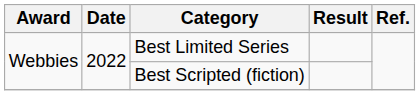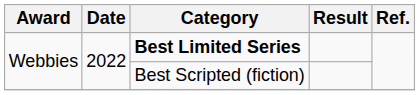 <table class="wikitable sortable">
 <tr>
 <th>Award</th>
 <th>Date</th>
 <th>Category</th>
 <th>Result</th>
 <th>Ref.</th>
 </tr>
 <tr>
 <td rowspan="2">Webbies</td>
 <td rowspan="2">2022</td>
-<td>Best Limited Series</td>
+<td><strong>Best Limited Series</strong></td>
 <td></td>
 <td rowspan="2"></td>
 </tr>
 <tr>
 <td>Best Scripted (fiction)</td>
 <td></td>
 </tr>
 <tr>
 </tr>
 </table>
